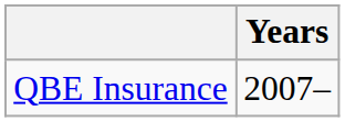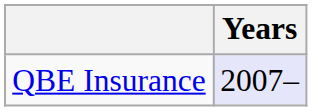 <table class="wikitable collapsible">
 <tr>
 <th></th>
 <th>Years</th>
 </tr>
 <tr>
 <td><a href='#'>QBE Insurance</a></td>
-<td>2007–</td>
+<td style="background: lavender;">2007–</td>
 </tr>
 </table>
